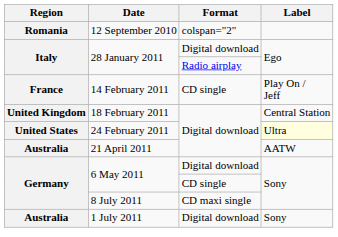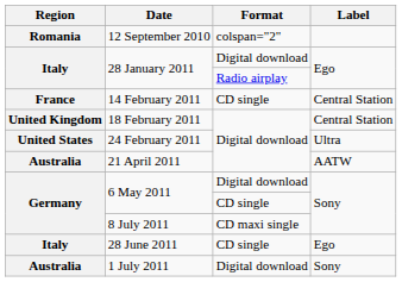 <table class="wikitable plainrowheaders unsortable">
 <tr>
 <th>Region</th>
 <th>Date</th>
 <th>Format</th>
 <th>Label</th>
 </tr>
 <tr>
 <th scope="row">Romania</th>
 <td>12 September 2010</td>
 <td>colspan="2" </td>
 </tr>
 <tr>
 <th scope="row" rowspan="2">Italy</th>
 <td rowspan="2">28 January 2011</td>
 <td rowspan="1">Digital download</td>
 <td rowspan="2">Ego</td>
 </tr>
 <tr>
 <td><a href='#'>Radio airplay</a></td>
 </tr>
 <tr>
 <th scope="row">France</th>
 <td>14 February 2011</td>
 <td>CD single</td>
-<td>Play On /<br> Jeff</td>
+<td>Central Station</td>
 </tr>
 <tr>
 <th scope="row">United Kingdom</th>
 <td>18 February 2011</td>
 <td rowspan="3">Digital download</td>
 <td>Central Station</td>
 </tr>
 <tr>
 <th scope="row">United States</th>
 <td>24 February 2011</td>
-<td style="background: lightyellow;">Ultra</td>
+<td>Ultra</td>
 </tr>
 <tr>
 <th scope="row">Australia</th>
 <td>21 April 2011</td>
 <td>AATW</td>
 </tr>
 <tr>
 <th scope="row" rowspan="3">Germany</th>
 <td rowspan="2">6 May 2011</td>
 <td>Digital download</td>
 <td rowspan="3">Sony</td>
 </tr>
 <tr>
 <td>CD single</td>
 </tr>
 <tr>
 <td>8 July 2011</td>
 <td>CD maxi single</td>
 </tr>
 <tr>
+<th scope="row">Italy</th>
+<td>28 June 2011</td>
+<td>CD single</td>
+<td>Ego</td>
+</tr>
+<tr>
 <th scope="row">Australia</th>
 <td>1 July 2011</td>
 <td>Digital download</td>
 <td>Sony</td>
 </tr>
 </table>
